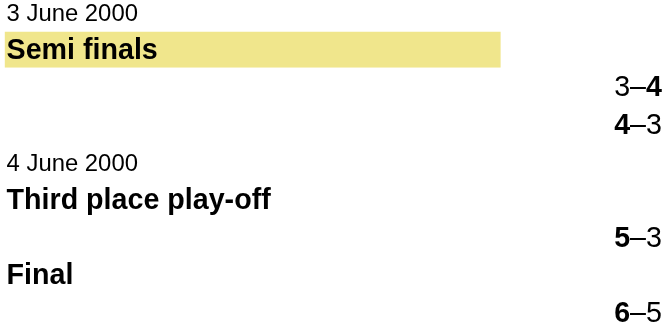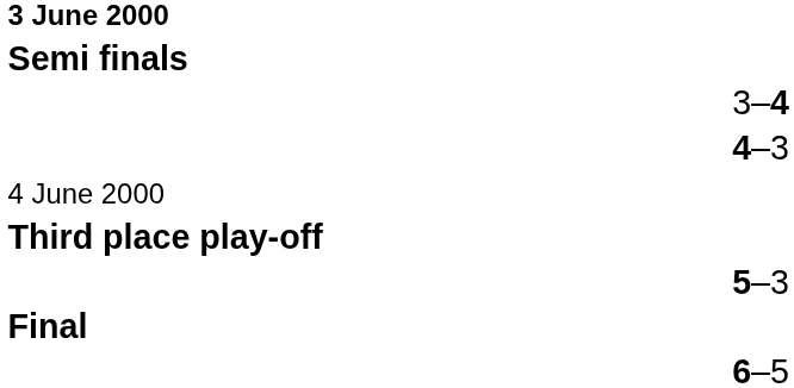 <table width=100% cellspacing=1>
 <tr>
 <th width=22%></th>
 <th width=12%></th>
 <th></th>
 </tr>
 <tr>
-<td><small>3 June 2000</small></td>
+<td><strong><small>3 June 2000</small></strong></td>
 </tr>
 <tr>
-<td style="background: khaki;"><strong>Semi finals</strong></td>
+<td><strong>Semi finals</strong></td>
 </tr>
 <tr>
 <td align=right></td>
 <td align=center>3–<strong>4</strong></td>
 <td><strong> </strong></td>
 </tr>
 <tr>
 <td align=right><strong></strong></td>
 <td align=center><strong>4</strong>–3 </td>
 <td></td>
 </tr>
 <tr>
 <td><small>4 June 2000</small></td>
 </tr>
 <tr>
 <td><strong>Third place play-off</strong></td>
 </tr>
 <tr>
 <td align=right><strong></strong></td>
 <td align=center><strong>5</strong>–3</td>
 <td></td>
 </tr>
 <tr>
 <td><strong>Final</strong></td>
 </tr>
 <tr>
 <td align=right><strong></strong></td>
 <td align=center><strong>6</strong>–5</td>
 <td></td>
 </tr>
 </table>
